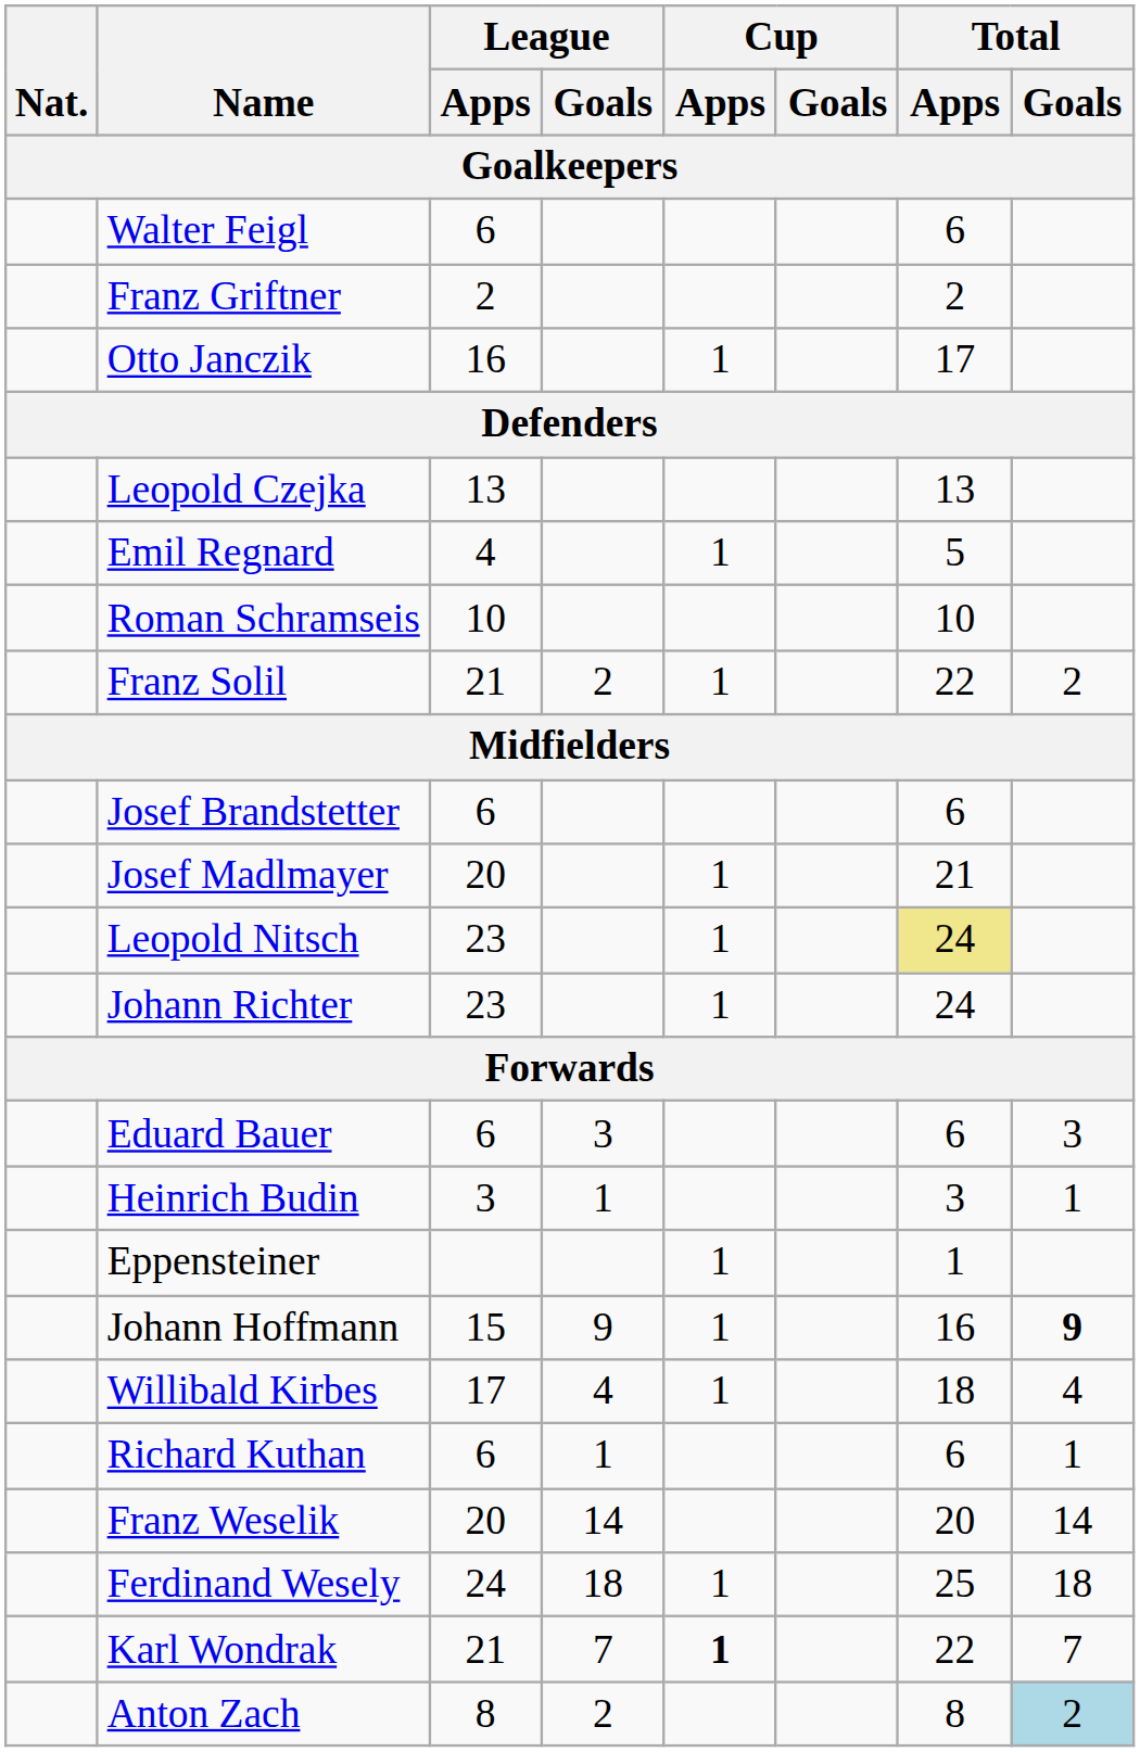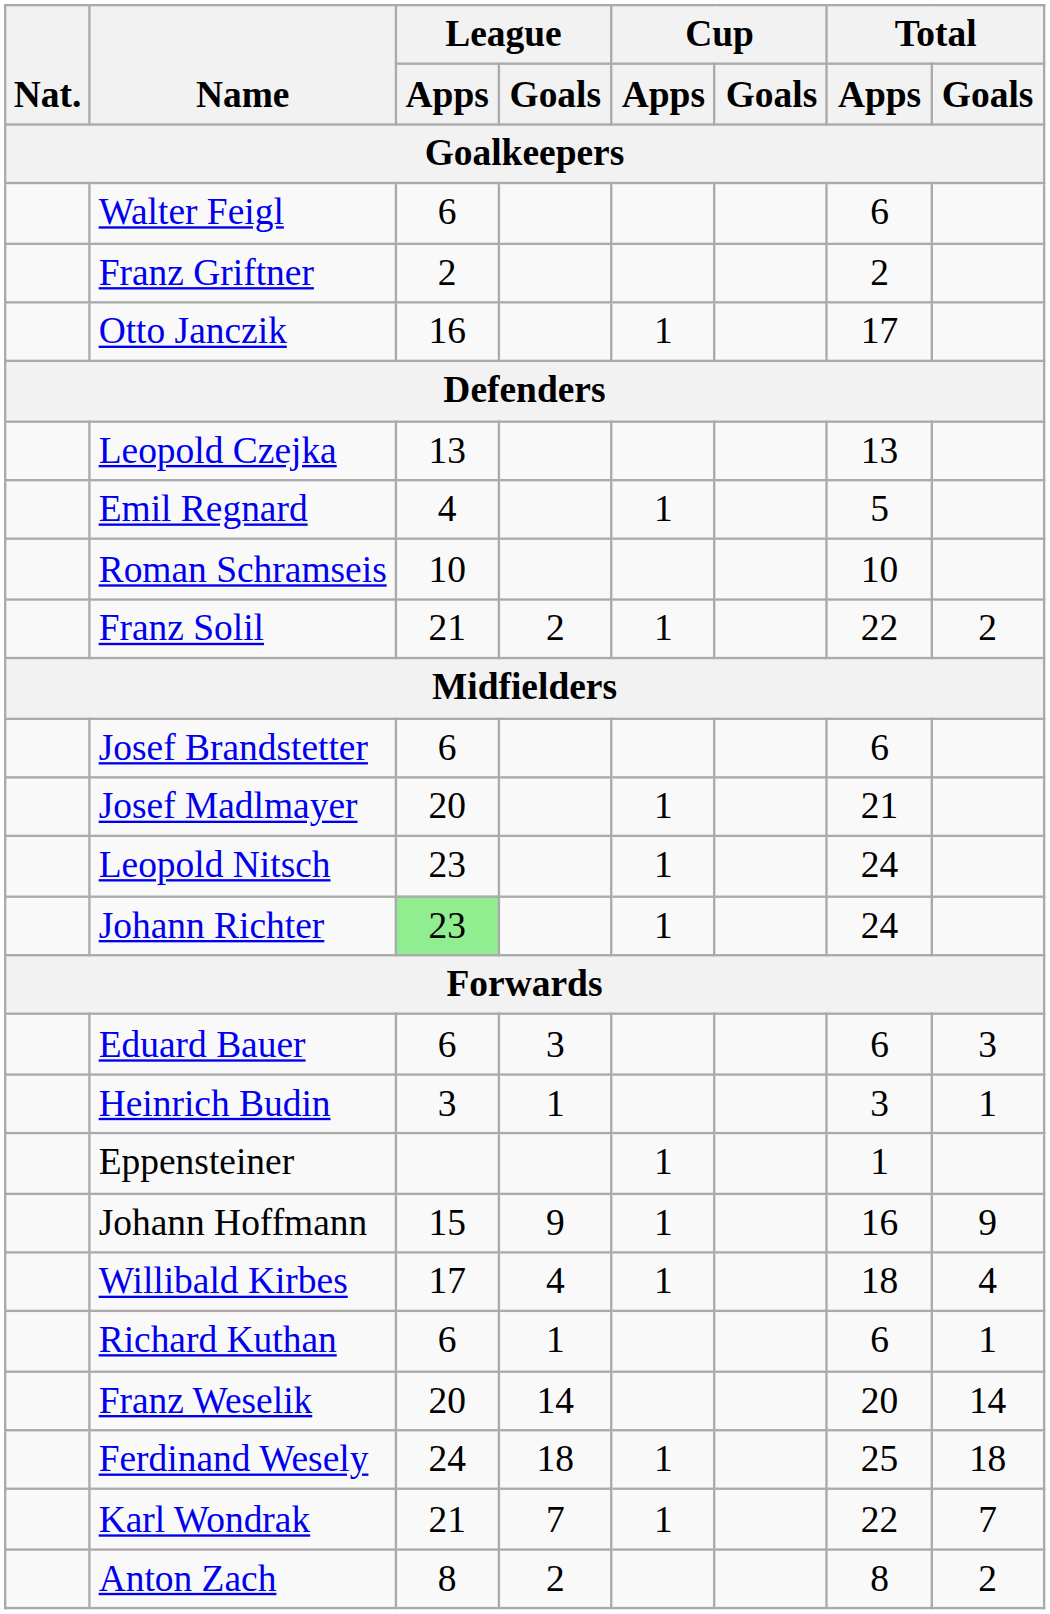 <table class="wikitable" style="text-align:center">
 <tr>
 <th rowspan="2" valign="bottom">Nat.</th>
 <th rowspan="2" valign="bottom">Name</th>
 <th colspan="2" width="85">League</th>
 <th colspan="2" width="85">Cup</th>
 <th colspan="2" width="85">Total</th>
 </tr>
 <tr>
 <th>Apps</th>
 <th>Goals</th>
 <th>Apps</th>
 <th>Goals</th>
 <th>Apps</th>
 <th>Goals</th>
 </tr>
 <tr>
 <th colspan=15>Goalkeepers</th>
 </tr>
 <tr>
 <td></td>
 <td align="left"><a href='#'>Walter Feigl</a></td>
 <td>6</td>
 <td></td>
 <td></td>
 <td></td>
 <td>6</td>
 <td></td>
 </tr>
 <tr>
 <td></td>
 <td align="left"><a href='#'>Franz Griftner</a></td>
 <td>2</td>
 <td></td>
 <td></td>
 <td></td>
 <td>2</td>
 <td></td>
 </tr>
 <tr>
 <td></td>
 <td align="left"><a href='#'>Otto Janczik</a></td>
 <td>16</td>
 <td></td>
 <td>1</td>
 <td></td>
 <td>17</td>
 <td></td>
 </tr>
 <tr>
 <th colspan=15>Defenders</th>
 </tr>
 <tr>
 <td></td>
 <td align="left"><a href='#'>Leopold Czejka</a></td>
 <td>13</td>
 <td></td>
 <td></td>
 <td></td>
 <td>13</td>
 <td></td>
 </tr>
 <tr>
 <td></td>
 <td align="left"><a href='#'>Emil Regnard</a></td>
 <td>4</td>
 <td></td>
 <td>1</td>
 <td></td>
 <td>5</td>
 <td></td>
 </tr>
 <tr>
 <td></td>
 <td align="left"><a href='#'>Roman Schramseis</a></td>
 <td>10</td>
 <td></td>
 <td></td>
 <td></td>
 <td>10</td>
 <td></td>
 </tr>
 <tr>
 <td></td>
 <td align="left"><a href='#'>Franz Solil</a></td>
 <td>21</td>
 <td>2</td>
 <td>1</td>
 <td></td>
 <td>22</td>
 <td>2</td>
 </tr>
 <tr>
 <th colspan=15>Midfielders</th>
 </tr>
 <tr>
 <td></td>
 <td align="left"><a href='#'>Josef Brandstetter</a></td>
 <td>6</td>
 <td></td>
 <td></td>
 <td></td>
 <td>6</td>
 <td></td>
 </tr>
 <tr>
 <td></td>
 <td align="left"><a href='#'>Josef Madlmayer</a></td>
 <td>20</td>
 <td></td>
 <td>1</td>
 <td></td>
 <td>21</td>
 <td></td>
 </tr>
 <tr>
 <td></td>
 <td align="left"><a href='#'>Leopold Nitsch</a></td>
 <td>23</td>
 <td></td>
 <td>1</td>
 <td></td>
-<td style="background: khaki;">24</td>
+<td>24</td>
 <td></td>
 </tr>
 <tr>
 <td></td>
 <td align="left"><a href='#'>Johann Richter</a></td>
-<td>23</td>
+<td style="background: lightgreen;">23</td>
 <td></td>
 <td>1</td>
 <td></td>
 <td>24</td>
 <td></td>
 </tr>
 <tr>
 <th colspan=15>Forwards</th>
 </tr>
 <tr>
 <td></td>
 <td align="left"><a href='#'>Eduard Bauer</a></td>
 <td>6</td>
 <td>3</td>
 <td></td>
 <td></td>
 <td>6</td>
 <td>3</td>
 </tr>
 <tr>
 <td></td>
 <td align="left"><a href='#'>Heinrich Budin</a></td>
 <td>3</td>
 <td>1</td>
 <td></td>
 <td></td>
 <td>3</td>
 <td>1</td>
 </tr>
 <tr>
 <td></td>
 <td align="left">Eppensteiner</td>
 <td></td>
 <td></td>
 <td>1</td>
 <td></td>
 <td>1</td>
 <td></td>
 </tr>
 <tr>
 <td></td>
 <td align="left">Johann Hoffmann</td>
 <td>15</td>
 <td>9</td>
 <td>1</td>
 <td></td>
 <td>16</td>
-<td><strong>9</strong></td>
+<td>9</td>
 </tr>
 <tr>
 <td></td>
 <td align="left"><a href='#'>Willibald Kirbes</a></td>
 <td>17</td>
 <td>4</td>
 <td>1</td>
 <td></td>
 <td>18</td>
 <td>4</td>
 </tr>
 <tr>
 <td></td>
 <td align="left"><a href='#'>Richard Kuthan</a></td>
 <td>6</td>
 <td>1</td>
 <td></td>
 <td></td>
 <td>6</td>
 <td>1</td>
 </tr>
 <tr>
 <td></td>
 <td align="left"><a href='#'>Franz Weselik</a></td>
 <td>20</td>
 <td>14</td>
 <td></td>
 <td></td>
 <td>20</td>
 <td>14</td>
 </tr>
 <tr>
 <td></td>
 <td align="left"><a href='#'>Ferdinand Wesely</a></td>
 <td>24</td>
 <td>18</td>
 <td>1</td>
 <td></td>
 <td>25</td>
 <td>18</td>
 </tr>
 <tr>
 <td></td>
 <td align="left"><a href='#'>Karl Wondrak</a></td>
 <td>21</td>
 <td>7</td>
-<td><strong>1</strong></td>
+<td>1</td>
 <td></td>
 <td>22</td>
 <td>7</td>
 </tr>
 <tr>
 <td></td>
 <td align="left"><a href='#'>Anton Zach</a></td>
 <td>8</td>
 <td>2</td>
 <td></td>
 <td></td>
 <td>8</td>
-<td style="background: lightblue;">2</td>
+<td>2</td>
 </tr>
 </table>
